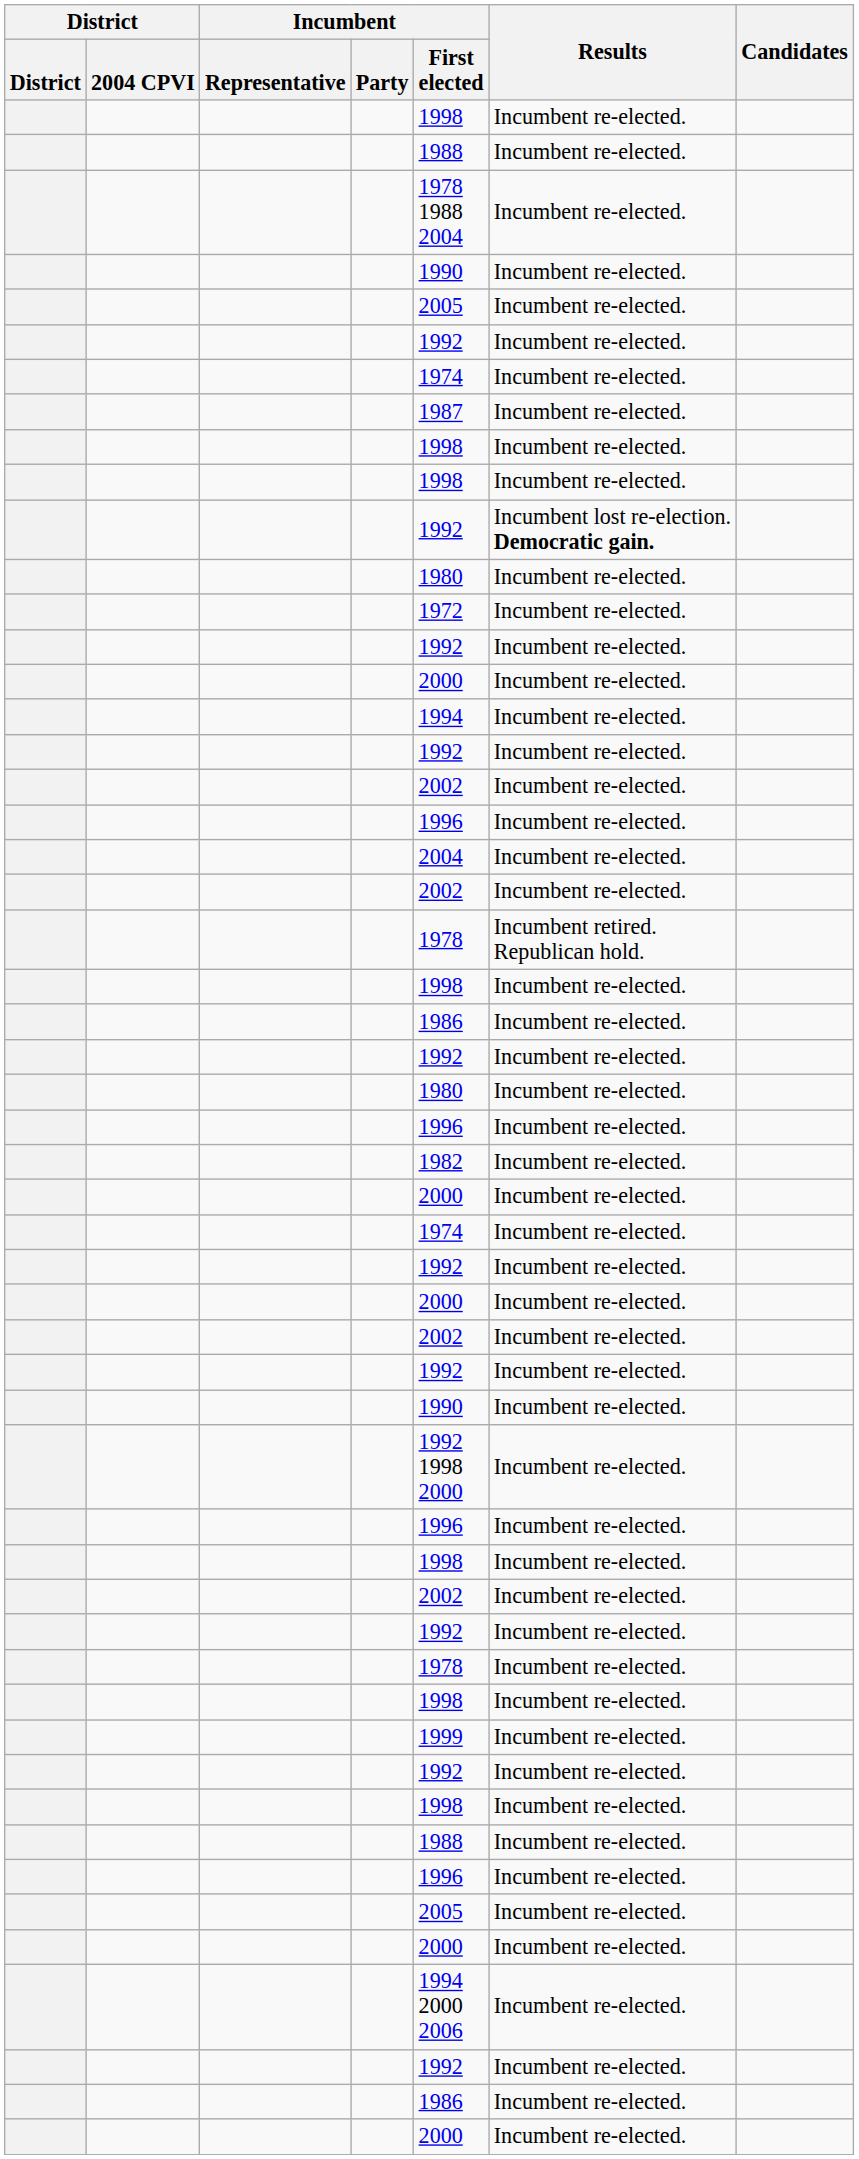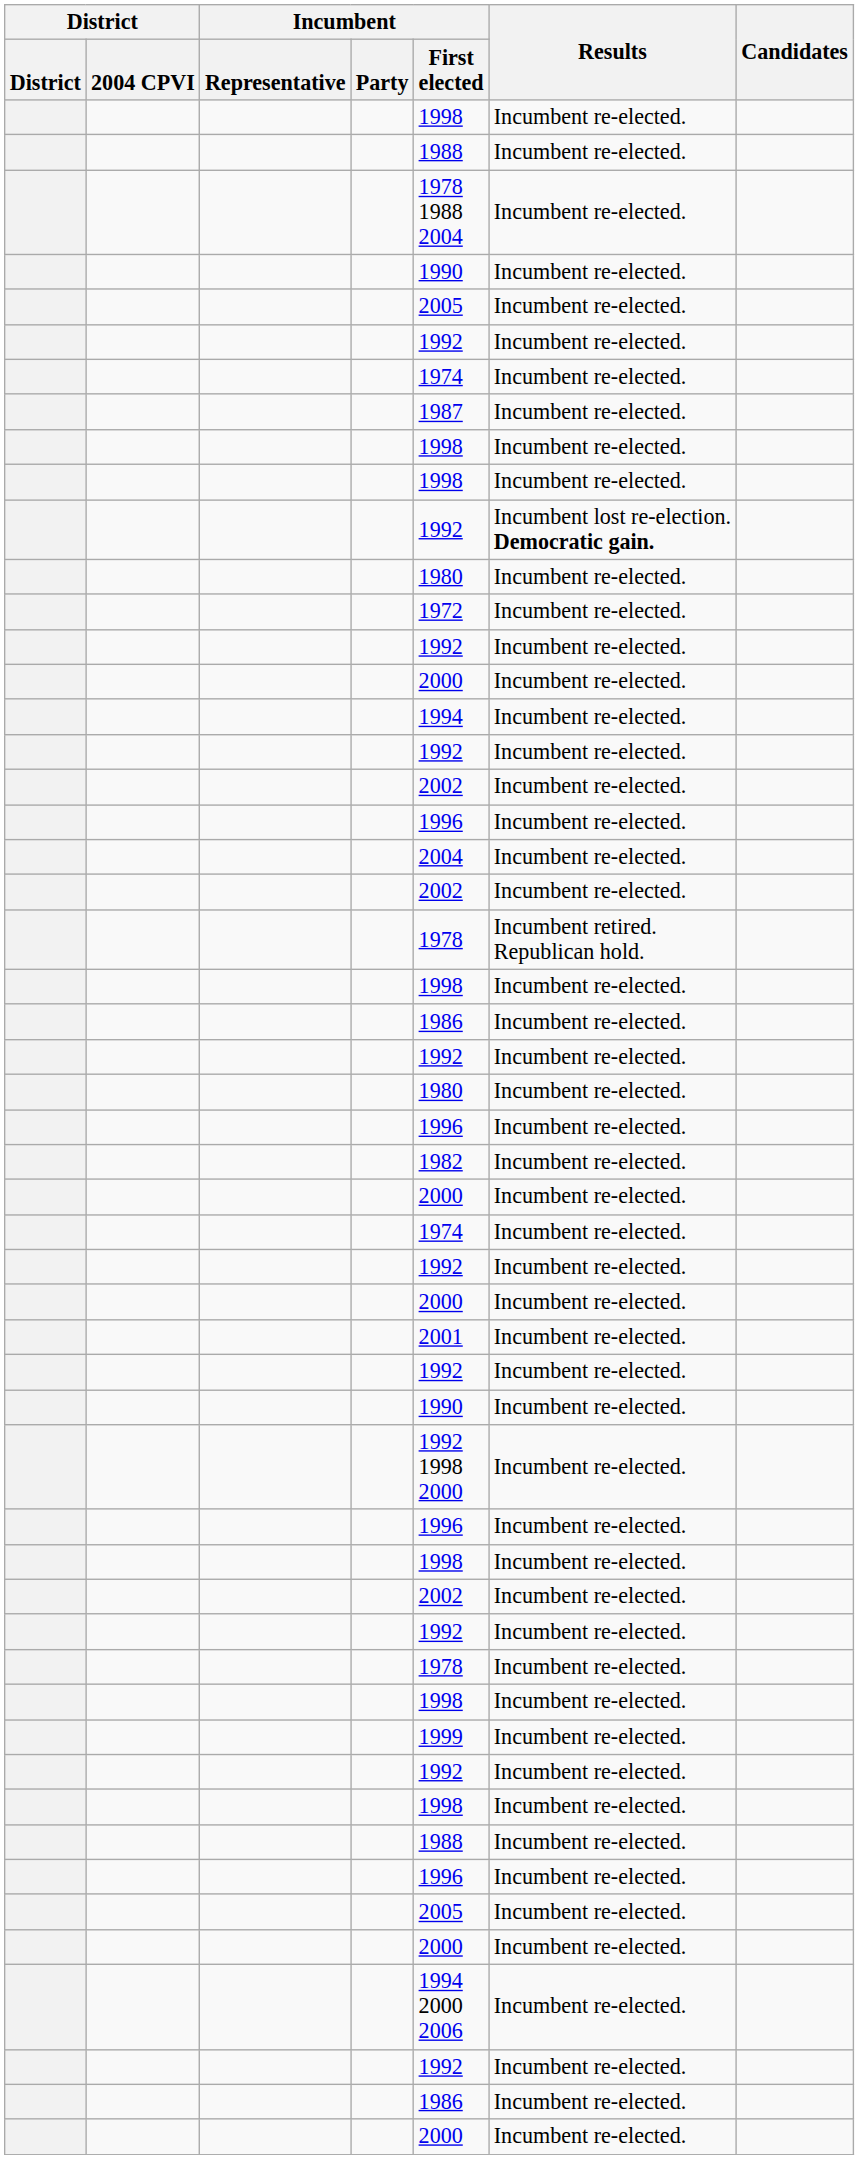 <table class="wikitable sortable">
 <tr>
 <th colspan=2>District</th>
 <th colspan=3>Incumbent</th>
 <th rowspan=2>Results</th>
 <th rowspan=2>Candidates</th>
 </tr>
 <tr valign=bottom>
 <th>District</th>
 <th>2004 CPVI</th>
 <th>Representative</th>
 <th>Party</th>
 <th>First<br>elected</th>
 </tr>
 <tr>
 <th></th>
 <td></td>
 <td></td>
 <td></td>
 <td><a href='#'>1998</a></td>
 <td>Incumbent re-elected.</td>
 <td nowrap></td>
 </tr>
 <tr>
 <th></th>
 <td></td>
 <td></td>
 <td></td>
 <td><a href='#'>1988</a></td>
 <td>Incumbent re-elected.</td>
 <td nowrap></td>
 </tr>
 <tr>
 <th></th>
 <td></td>
 <td></td>
 <td></td>
 <td><a href='#'>1978</a><br>1988 <br><a href='#'>2004</a></td>
 <td>Incumbent re-elected.</td>
 <td nowrap></td>
 </tr>
 <tr>
 <th></th>
 <td></td>
 <td></td>
 <td></td>
 <td><a href='#'>1990</a></td>
 <td>Incumbent re-elected.</td>
 <td nowrap></td>
 </tr>
 <tr>
 <th></th>
 <td></td>
 <td></td>
 <td></td>
 <td><a href='#'>2005 </a></td>
 <td>Incumbent re-elected.</td>
 <td nowrap></td>
 </tr>
 <tr>
 <th></th>
 <td></td>
 <td></td>
 <td></td>
 <td><a href='#'>1992</a></td>
 <td>Incumbent re-elected.</td>
 <td nowrap></td>
 </tr>
 <tr>
 <th></th>
 <td></td>
 <td></td>
 <td></td>
 <td><a href='#'>1974</a></td>
 <td>Incumbent re-elected.</td>
 <td nowrap></td>
 </tr>
 <tr>
 <th></th>
 <td></td>
 <td></td>
 <td></td>
 <td><a href='#'>1987 </a></td>
 <td>Incumbent re-elected.</td>
 <td nowrap></td>
 </tr>
 <tr>
 <th></th>
 <td></td>
 <td></td>
 <td></td>
 <td><a href='#'>1998</a></td>
 <td>Incumbent re-elected.</td>
 <td nowrap></td>
 </tr>
 <tr>
 <th></th>
 <td></td>
 <td></td>
 <td></td>
 <td><a href='#'>1998</a></td>
 <td>Incumbent re-elected.</td>
 <td nowrap></td>
 </tr>
 <tr>
 <th></th>
 <td></td>
 <td></td>
 <td></td>
 <td><a href='#'>1992</a></td>
 <td>Incumbent lost re-election.<br><strong>Democratic gain.</strong></td>
 <td nowrap></td>
 </tr>
 <tr>
 <th></th>
 <td></td>
 <td></td>
 <td></td>
 <td><a href='#'>1980</a></td>
 <td>Incumbent re-elected.</td>
 <td nowrap></td>
 </tr>
 <tr>
 <th></th>
 <td></td>
 <td></td>
 <td></td>
 <td><a href='#'>1972</a></td>
 <td>Incumbent re-elected.</td>
 <td nowrap></td>
 </tr>
 <tr>
 <th></th>
 <td></td>
 <td></td>
 <td></td>
 <td><a href='#'>1992</a></td>
 <td>Incumbent re-elected.</td>
 <td nowrap></td>
 </tr>
 <tr>
 <th></th>
 <td></td>
 <td></td>
 <td></td>
 <td><a href='#'>2000</a></td>
 <td>Incumbent re-elected.</td>
 <td nowrap></td>
 </tr>
 <tr>
 <th></th>
 <td></td>
 <td></td>
 <td></td>
 <td><a href='#'>1994</a></td>
 <td>Incumbent re-elected.</td>
 <td nowrap></td>
 </tr>
 <tr>
 <th></th>
 <td></td>
 <td></td>
 <td></td>
 <td><a href='#'>1992</a></td>
 <td>Incumbent re-elected.</td>
 <td nowrap></td>
 </tr>
 <tr>
 <th></th>
 <td></td>
 <td></td>
 <td></td>
 <td><a href='#'>2002</a></td>
 <td>Incumbent re-elected.</td>
 <td nowrap></td>
 </tr>
 <tr>
 <th></th>
 <td></td>
 <td></td>
 <td></td>
 <td><a href='#'>1996</a></td>
 <td>Incumbent re-elected.</td>
 <td nowrap></td>
 </tr>
 <tr>
 <th></th>
 <td></td>
 <td></td>
 <td></td>
 <td><a href='#'>2004</a></td>
 <td>Incumbent re-elected.</td>
 <td nowrap></td>
 </tr>
 <tr>
 <th></th>
 <td></td>
 <td></td>
 <td></td>
 <td><a href='#'>2002</a></td>
 <td>Incumbent re-elected.</td>
 <td nowrap></td>
 </tr>
 <tr>
 <th></th>
 <td></td>
 <td></td>
 <td></td>
 <td><a href='#'>1978</a></td>
 <td>Incumbent retired.<br>Republican hold.</td>
 <td nowrap></td>
 </tr>
 <tr>
 <th></th>
 <td></td>
 <td></td>
 <td></td>
 <td><a href='#'>1998</a></td>
 <td>Incumbent re-elected.</td>
 <td nowrap></td>
 </tr>
 <tr>
 <th></th>
 <td></td>
 <td></td>
 <td></td>
 <td><a href='#'>1986</a></td>
 <td>Incumbent re-elected.</td>
 <td nowrap></td>
 </tr>
 <tr>
 <th></th>
 <td></td>
 <td></td>
 <td></td>
 <td><a href='#'>1992</a></td>
 <td>Incumbent re-elected.</td>
 <td nowrap></td>
 </tr>
 <tr>
 <th></th>
 <td></td>
 <td></td>
 <td></td>
 <td><a href='#'>1980</a></td>
 <td>Incumbent re-elected.</td>
 <td nowrap></td>
 </tr>
 <tr>
 <th></th>
 <td></td>
 <td></td>
 <td></td>
 <td><a href='#'>1996</a></td>
 <td>Incumbent re-elected.</td>
 <td nowrap></td>
 </tr>
 <tr>
 <th></th>
 <td></td>
 <td></td>
 <td></td>
 <td><a href='#'>1982</a></td>
 <td>Incumbent re-elected.</td>
 <td nowrap></td>
 </tr>
 <tr>
 <th></th>
 <td></td>
 <td></td>
 <td></td>
 <td><a href='#'>2000</a></td>
 <td>Incumbent re-elected.</td>
 <td nowrap></td>
 </tr>
 <tr>
 <th></th>
 <td></td>
 <td></td>
 <td></td>
 <td><a href='#'>1974</a></td>
 <td>Incumbent re-elected.</td>
 <td nowrap></td>
 </tr>
 <tr>
 <th></th>
 <td></td>
 <td></td>
 <td></td>
 <td><a href='#'>1992</a></td>
 <td>Incumbent re-elected.</td>
 <td nowrap></td>
 </tr>
 <tr>
 <th></th>
 <td></td>
 <td></td>
 <td></td>
 <td><a href='#'>2000</a></td>
 <td>Incumbent re-elected.</td>
 <td nowrap></td>
 </tr>
 <tr>
 <th></th>
 <td></td>
 <td></td>
 <td></td>
-<td><a href='#'>2002 </a></td>
+<td><a href='#'>2001 </a></td>
 <td>Incumbent re-elected.</td>
 <td nowrap></td>
 </tr>
 <tr>
 <th></th>
 <td></td>
 <td></td>
 <td></td>
 <td><a href='#'>1992</a></td>
 <td>Incumbent re-elected.</td>
 <td nowrap></td>
 </tr>
 <tr>
 <th></th>
 <td></td>
 <td></td>
 <td></td>
 <td><a href='#'>1990</a></td>
 <td>Incumbent re-elected.</td>
 <td nowrap></td>
 </tr>
 <tr>
 <th></th>
 <td></td>
 <td></td>
 <td></td>
 <td><a href='#'>1992</a><br>1998 <br><a href='#'>2000</a></td>
 <td>Incumbent re-elected.</td>
 <td nowrap></td>
 </tr>
 <tr>
 <th></th>
 <td></td>
 <td></td>
 <td></td>
 <td><a href='#'>1996</a></td>
 <td>Incumbent re-elected.</td>
 <td nowrap></td>
 </tr>
 <tr>
 <th></th>
 <td></td>
 <td></td>
 <td></td>
 <td><a href='#'>1998</a></td>
 <td>Incumbent re-elected.</td>
 <td nowrap></td>
 </tr>
 <tr>
 <th></th>
 <td></td>
 <td></td>
 <td></td>
 <td><a href='#'>2002</a></td>
 <td>Incumbent re-elected.</td>
 <td nowrap></td>
 </tr>
 <tr>
 <th></th>
 <td></td>
 <td></td>
 <td></td>
 <td><a href='#'>1992</a></td>
 <td>Incumbent re-elected.</td>
 <td nowrap></td>
 </tr>
 <tr>
 <th></th>
 <td></td>
 <td></td>
 <td></td>
 <td><a href='#'>1978</a></td>
 <td>Incumbent re-elected.</td>
 <td nowrap></td>
 </tr>
 <tr>
 <th></th>
 <td></td>
 <td></td>
 <td></td>
 <td><a href='#'>1998</a></td>
 <td>Incumbent re-elected.</td>
 <td nowrap></td>
 </tr>
 <tr>
 <th></th>
 <td></td>
 <td></td>
 <td></td>
 <td><a href='#'>1999 </a></td>
 <td>Incumbent re-elected.</td>
 <td nowrap></td>
 </tr>
 <tr>
 <th></th>
 <td></td>
 <td></td>
 <td></td>
 <td><a href='#'>1992</a></td>
 <td>Incumbent re-elected.</td>
 <td nowrap></td>
 </tr>
 <tr>
 <th></th>
 <td></td>
 <td></td>
 <td></td>
 <td><a href='#'>1998</a></td>
 <td>Incumbent re-elected.</td>
 <td nowrap></td>
 </tr>
 <tr>
 <th></th>
 <td></td>
 <td></td>
 <td></td>
 <td><a href='#'>1988</a></td>
 <td>Incumbent re-elected.</td>
 <td nowrap></td>
 </tr>
 <tr>
 <th></th>
 <td></td>
 <td></td>
 <td></td>
 <td><a href='#'>1996</a></td>
 <td>Incumbent re-elected.</td>
 <td nowrap></td>
 </tr>
 <tr>
 <th></th>
 <td></td>
 <td></td>
 <td></td>
 <td><a href='#'>2005 </a></td>
 <td>Incumbent re-elected.</td>
 <td nowrap></td>
 </tr>
 <tr>
 <th></th>
 <td></td>
 <td></td>
 <td></td>
 <td><a href='#'>2000</a></td>
 <td>Incumbent re-elected.</td>
 <td nowrap></td>
 </tr>
 <tr>
 <th></th>
 <td></td>
 <td></td>
 <td></td>
 <td><a href='#'>1994</a><br>2000 <br><a href='#'>2006 </a></td>
 <td>Incumbent re-elected.</td>
 <td nowrap></td>
 </tr>
 <tr>
 <th></th>
 <td></td>
 <td></td>
 <td></td>
 <td><a href='#'>1992</a></td>
 <td>Incumbent re-elected.</td>
 <td nowrap></td>
 </tr>
 <tr>
 <th></th>
 <td></td>
 <td></td>
 <td></td>
 <td><a href='#'>1986</a></td>
 <td>Incumbent re-elected.</td>
 <td nowrap></td>
 </tr>
 <tr>
 <th></th>
 <td></td>
 <td></td>
 <td></td>
 <td><a href='#'>2000</a></td>
 <td>Incumbent re-elected.</td>
 <td nowrap></td>
 </tr>
 </table>
